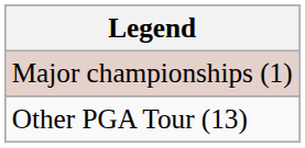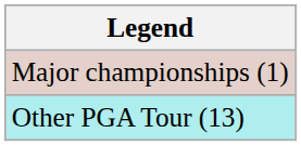 <table class="wikitable" style="font-size:95%;">
 <tr>
 <th>Legend</th>
 </tr>
 <tr style="background:#e5d1cb;">
 <td>Major championships (1)</td>
 </tr>
 <tr>
-<td>Other PGA Tour (13)</td>
+<td style="background: paleturquoise;">Other PGA Tour (13)</td>
 </tr>
 </table>
